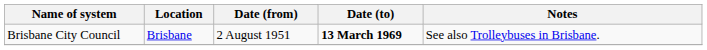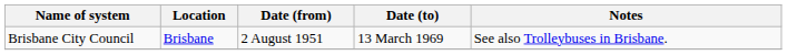 <table class="wikitable" width=100%>
 <tr>
 <th width=20%>Name of system</th>
 <th width=10%>Location</th>
 <th width=15%>Date (from)</th>
 <th width=15%>Date (to)</th>
 <th width=405%>Notes</th>
 </tr>
 <tr>
 <td>Brisbane City Council</td>
 <td><a href='#'>Brisbane</a></td>
 <td>2 August 1951</td>
-<td><strong>13 March 1969</strong></td>
+<td>13 March 1969</td>
 <td>See also <a href='#'>Trolleybuses in Brisbane</a>.</td>
 </tr>
 <tr>
 </tr>
 </table>
